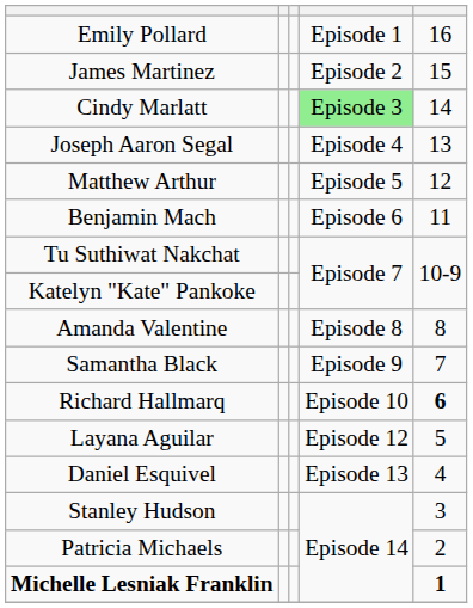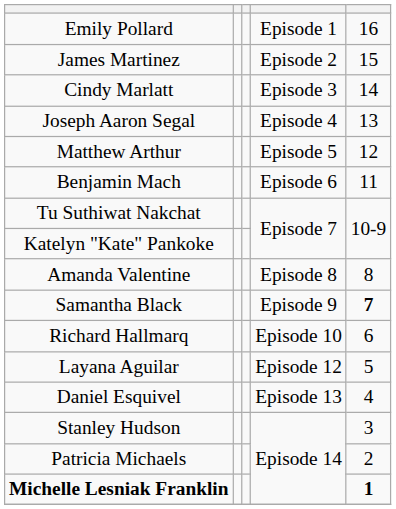 <table class="wikitable sortable" style="text-align:center;">
 <tr>
 <th></th>
 <th></th>
 <th></th>
 <th></th>
 <th></th>
 </tr>
 <tr>
 <td>Emily Pollard</td>
 <td></td>
 <td></td>
 <td>Episode 1</td>
 <td>16</td>
 </tr>
 <tr>
 <td>James Martinez</td>
 <td></td>
 <td></td>
 <td>Episode 2</td>
 <td>15</td>
 </tr>
 <tr>
 <td>Cindy Marlatt</td>
 <td></td>
 <td></td>
-<td style="background: lightgreen;">Episode 3</td>
+<td>Episode 3</td>
 <td>14</td>
 </tr>
 <tr>
 <td>Joseph Aaron Segal</td>
 <td></td>
 <td></td>
 <td>Episode 4</td>
 <td>13</td>
 </tr>
 <tr>
 <td>Matthew Arthur</td>
 <td></td>
 <td></td>
 <td>Episode 5</td>
 <td>12</td>
 </tr>
 <tr>
 <td>Benjamin Mach</td>
 <td></td>
 <td></td>
 <td>Episode 6</td>
 <td>11</td>
 </tr>
 <tr>
 <td>Tu Suthiwat Nakchat</td>
 <td></td>
 <td></td>
 <td rowspan="2">Episode 7</td>
 <td rowspan="2">10-9</td>
 </tr>
 <tr>
 <td>Katelyn "Kate" Pankoke</td>
 <td></td>
 <td></td>
 </tr>
 <tr>
 <td>Amanda Valentine</td>
 <td></td>
 <td></td>
 <td>Episode 8</td>
 <td>8</td>
 </tr>
 <tr>
 <td>Samantha Black</td>
 <td></td>
 <td></td>
 <td>Episode 9</td>
-<td>7</td>
+<td><strong>7</strong></td>
 </tr>
 <tr>
 <td>Richard Hallmarq</td>
 <td></td>
 <td></td>
 <td>Episode 10</td>
-<td><strong>6</strong></td>
+<td>6</td>
 </tr>
 <tr>
 <td>Layana Aguilar</td>
 <td></td>
 <td></td>
 <td>Episode 12</td>
 <td>5</td>
 </tr>
 <tr>
 <td>Daniel Esquivel</td>
 <td></td>
 <td></td>
 <td>Episode 13</td>
 <td>4</td>
 </tr>
 <tr>
 <td>Stanley Hudson</td>
 <td></td>
 <td></td>
 <td rowspan="3">Episode 14</td>
 <td>3</td>
 </tr>
 <tr>
 <td>Patricia Michaels</td>
 <td></td>
 <td></td>
 <td>2</td>
 </tr>
 <tr>
 <td><strong>Michelle Lesniak Franklin</strong></td>
 <td></td>
 <td></td>
 <td><strong>1</strong></td>
 </tr>
 <tr>
 </tr>
 </table>
